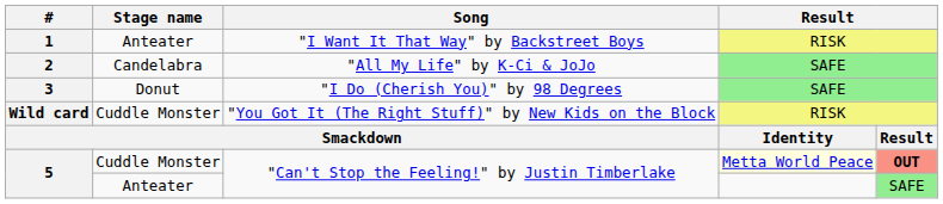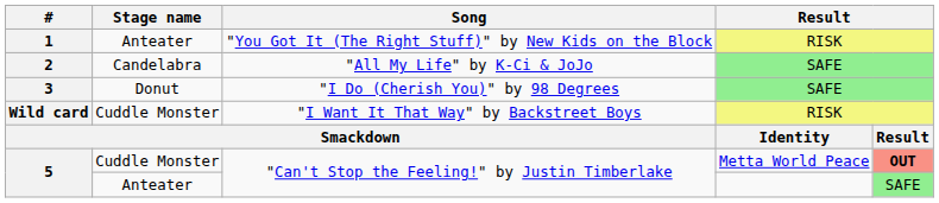 <table class="wikitable plainrowheaders" style="text-align: center;">
 <tr>
 <th>#</th>
 <th>Stage name</th>
 <th>Song</th>
 <th colspan=2>Result</th>
 </tr>
 <tr>
 <th>1</th>
 <td>Anteater</td>
-<td>"<a href='#'>I Want It That Way</a>" by <a href='#'>Backstreet Boys</a></td>
+<td>"<a href='#'>You Got It (The Right Stuff)</a>" by <a href='#'>New Kids on the Block</a></td>
 <td colspan=2 bgcolor="#F3F781">RISK</td>
 </tr>
 <tr>
 <th>2</th>
 <td>Candelabra</td>
 <td>"<a href='#'>All My Life</a>" by <a href='#'>K-Ci & JoJo</a></td>
 <td colspan=2 bgcolor=lightgreen>SAFE</td>
 </tr>
 <tr>
 <th>3</th>
 <td>Donut</td>
 <td>"<a href='#'>I Do (Cherish You)</a>" by <a href='#'>98 Degrees</a></td>
 <td colspan=2 bgcolor=lightgreen>SAFE</td>
 </tr>
 <tr>
 <th>Wild card</th>
 <td>Cuddle Monster</td>
-<td>"<a href='#'>You Got It (The Right Stuff)</a>" by <a href='#'>New Kids on the Block</a></td>
+<td>"<a href='#'>I Want It That Way</a>" by <a href='#'>Backstreet Boys</a></td>
 <td colspan=2 bgcolor="#F3F781">RISK</td>
 </tr>
 <tr>
 <th colspan=3>Smackdown</th>
 <th>Identity</th>
 <th>Result</th>
 </tr>
 <tr>
 <th rowspan=2>5</th>
 <td>Cuddle Monster</td>
 <td rowspan=2>"<a href='#'>Can't Stop the Feeling!</a>" by <a href='#'>Justin Timberlake</a></td>
-<td style="background: lightyellow;"><a href='#'>Metta World Peace</a></td>
+<td><a href='#'>Metta World Peace</a></td>
 <td bgcolor=#F99185><strong>OUT</strong></td>
 </tr>
 <tr>
 <td>Anteater</td>
 <td></td>
 <td bgcolor=lightgreen>SAFE</td>
 </tr>
 </table>
